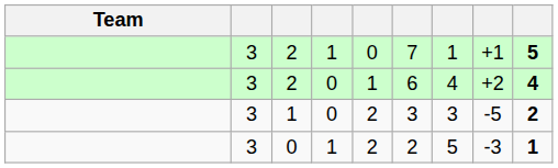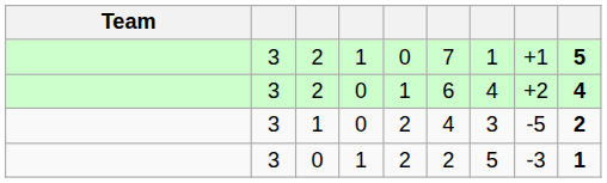 <table class="wikitable" style="text-align: center;">
 <tr>
 <th width=175>Team</th>
 <th width=25></th>
 <th width=25></th>
 <th width=25></th>
 <th width=25></th>
 <th width=25></th>
 <th width=25></th>
 <th width=25></th>
 <th width=25></th>
 </tr>
 <tr bgcolor=ccffcc>
 <td style="text-align:left;"></td>
 <td>3</td>
 <td>2</td>
 <td>1</td>
 <td>0</td>
 <td>7</td>
 <td>1</td>
 <td>+1</td>
 <td><strong>5</strong></td>
 </tr>
 <tr bgcolor=ccffcc>
 <td style="text-align:left;"></td>
 <td>3</td>
 <td>2</td>
 <td>0</td>
 <td>1</td>
 <td>6</td>
 <td>4</td>
 <td>+2</td>
 <td><strong>4</strong></td>
 </tr>
 <tr>
 <td style="text-align:left;"></td>
 <td>3</td>
 <td>1</td>
 <td>0</td>
 <td>2</td>
-<td>3</td>
+<td>4</td>
 <td>3</td>
 <td>-5</td>
 <td><strong>2</strong></td>
 </tr>
 <tr>
 <td style="text-align:left;"></td>
 <td>3</td>
 <td>0</td>
 <td>1</td>
 <td>2</td>
 <td>2</td>
 <td>5</td>
 <td>-3</td>
 <td><strong>1</strong></td>
 </tr>
 </table>
